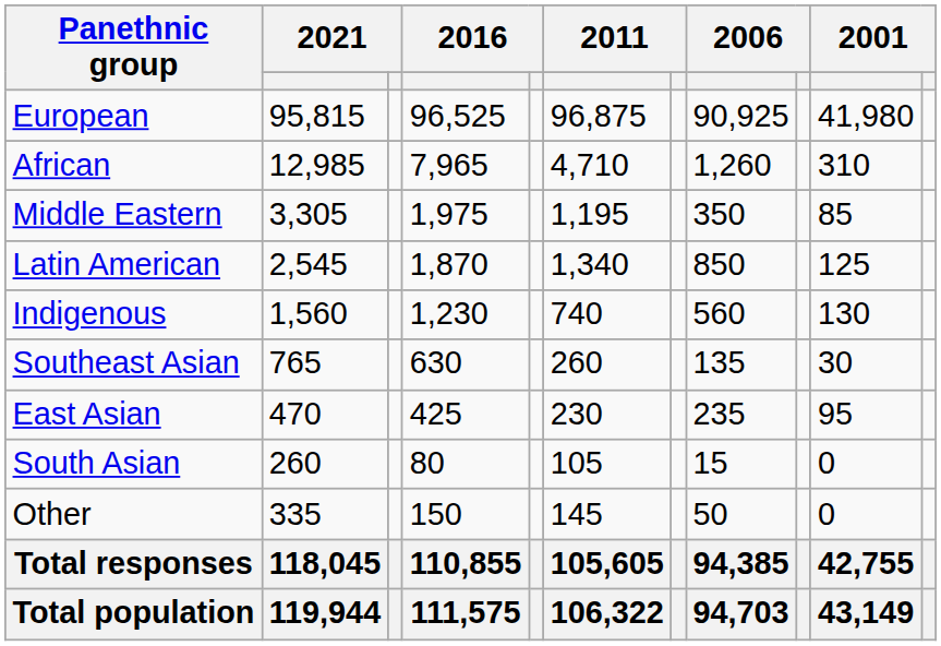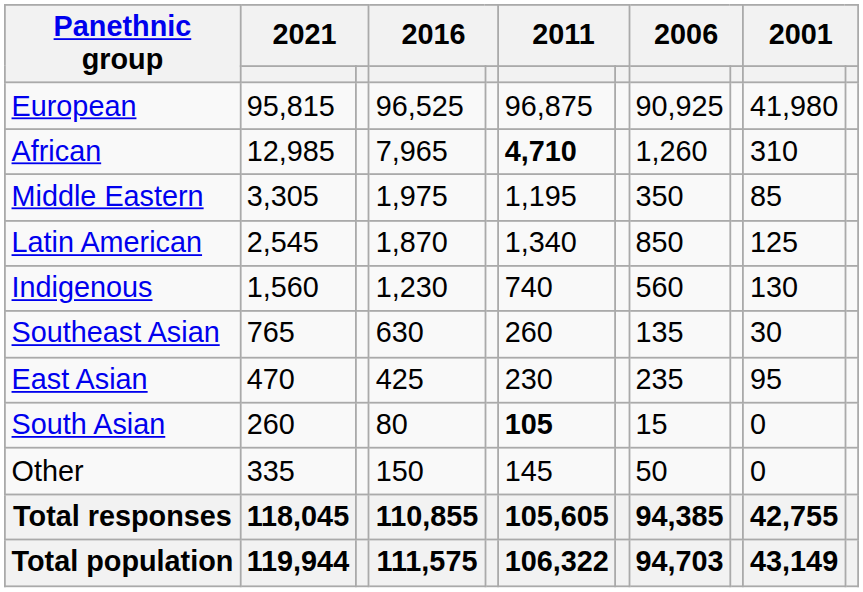 <table class="wikitable collapsible sortable">
 <tr>
 <th rowspan="2"><a href='#'>Panethnic</a><br>group</th>
 <th colspan="2">2021</th>
 <th colspan="2">2016</th>
 <th colspan="2">2011</th>
 <th colspan="2">2006</th>
 <th colspan="2">2001</th>
 </tr>
 <tr>
 <th><a href='#'></a></th>
 <th></th>
 <th></th>
 <th></th>
 <th></th>
 <th></th>
 <th></th>
 <th></th>
 <th></th>
 <th></th>
 </tr>
 <tr>
 <td><a href='#'>European</a></td>
 <td>95,815</td>
 <td></td>
 <td>96,525</td>
 <td></td>
 <td>96,875</td>
 <td></td>
 <td>90,925</td>
 <td></td>
 <td>41,980</td>
 <td></td>
 </tr>
 <tr>
 <td><a href='#'>African</a></td>
 <td>12,985</td>
 <td></td>
 <td>7,965</td>
 <td></td>
-<td>4,710</td>
+<td><strong>4,710</strong></td>
 <td></td>
 <td>1,260</td>
 <td></td>
 <td>310</td>
 <td></td>
 </tr>
 <tr>
 <td><a href='#'>Middle Eastern</a></td>
 <td>3,305</td>
 <td></td>
 <td>1,975</td>
 <td></td>
 <td>1,195</td>
 <td></td>
 <td>350</td>
 <td></td>
 <td>85</td>
 <td></td>
 </tr>
 <tr>
 <td><a href='#'>Latin American</a></td>
 <td>2,545</td>
 <td></td>
 <td>1,870</td>
 <td></td>
 <td>1,340</td>
 <td></td>
 <td>850</td>
 <td></td>
 <td>125</td>
 <td></td>
 </tr>
 <tr>
 <td><a href='#'>Indigenous</a></td>
 <td>1,560</td>
 <td></td>
 <td>1,230</td>
 <td></td>
 <td>740</td>
 <td></td>
 <td>560</td>
 <td></td>
 <td>130</td>
 <td></td>
 </tr>
 <tr>
 <td><a href='#'>Southeast Asian</a></td>
 <td>765</td>
 <td></td>
 <td>630</td>
 <td></td>
 <td>260</td>
 <td></td>
 <td>135</td>
 <td></td>
 <td>30</td>
 <td></td>
 </tr>
 <tr>
 <td><a href='#'>East Asian</a></td>
 <td>470</td>
 <td></td>
 <td>425</td>
 <td></td>
 <td>230</td>
 <td></td>
 <td>235</td>
 <td></td>
 <td>95</td>
 <td></td>
 </tr>
 <tr>
 <td><a href='#'>South Asian</a></td>
 <td>260</td>
 <td></td>
 <td>80</td>
 <td></td>
-<td>105</td>
+<td><strong>105</strong></td>
 <td></td>
 <td>15</td>
 <td></td>
 <td>0</td>
 <td></td>
 </tr>
 <tr>
 <td>Other</td>
 <td>335</td>
 <td></td>
 <td>150</td>
 <td></td>
 <td>145</td>
 <td></td>
 <td>50</td>
 <td></td>
 <td>0</td>
 <td></td>
 </tr>
 <tr>
 <th>Total responses</th>
 <th>118,045</th>
 <th></th>
 <th>110,855</th>
 <th></th>
 <th>105,605</th>
 <th></th>
 <th>94,385</th>
 <th></th>
 <th>42,755</th>
 <th></th>
 </tr>
 <tr>
 <th>Total population</th>
 <th>119,944</th>
 <th></th>
 <th>111,575</th>
 <th></th>
 <th>106,322</th>
 <th></th>
 <th>94,703</th>
 <th></th>
 <th>43,149</th>
 <th></th>
 </tr>
 </table>
